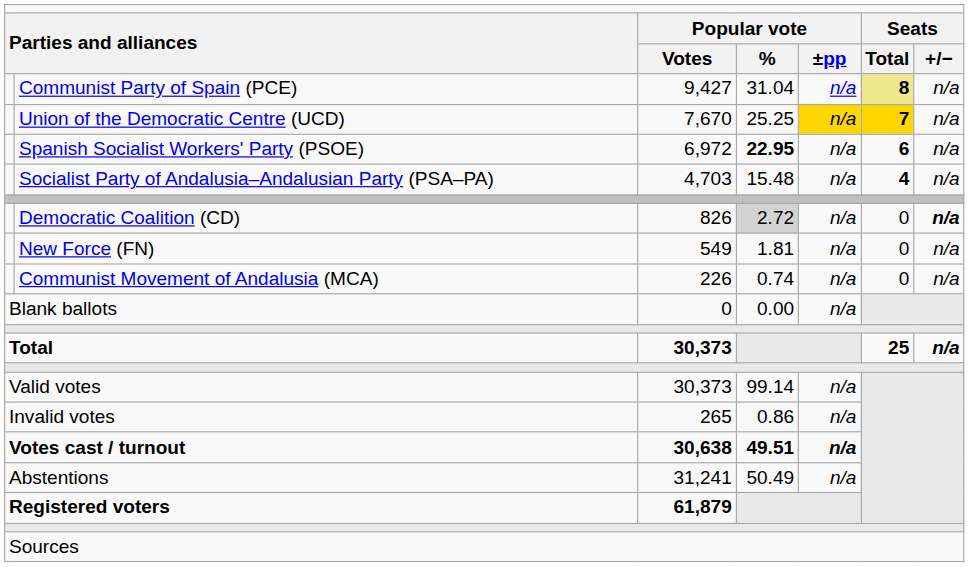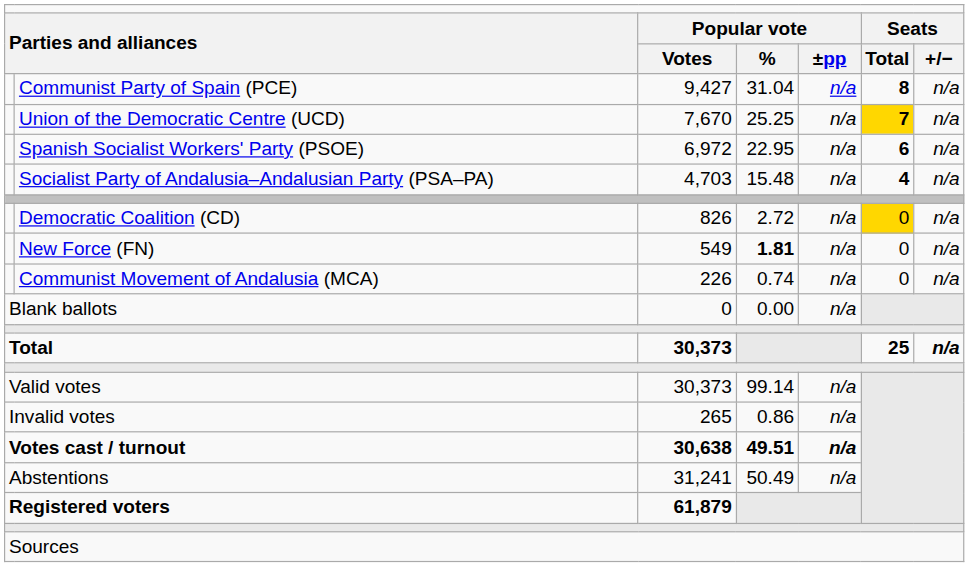 <table class="wikitable" style="text-align:right;">
 <tr>
 <td colspan="7"></td>
 </tr>
 <tr>
 <th style="text-align:left;" rowspan="2" colspan="2" width="525">Parties and alliances</th>
 <th colspan="3">Popular vote</th>
 <th colspan="2">Seats</th>
 </tr>
 <tr>
 <th width="75">Votes</th>
 <th width="45">%</th>
 <th width="45">±<a href='#'>pp</a></th>
 <th width="35">Total</th>
 <th width="35">+/−</th>
 </tr>
 <tr>
 <td width="1" style="color:inherit;background:"></td>
 <td align="left"><a href='#'>Communist Party of Spain</a> (PCE)</td>
 <td>9,427</td>
 <td>31.04</td>
 <td><em><a href='#'>n/a</a></em></td>
-<td style="background: khaki;"><strong>8</strong></td>
+<td><strong>8</strong></td>
 <td><em>n/a</em></td>
 </tr>
 <tr>
 <td style="color:inherit;background:"></td>
 <td align="left"><a href='#'>Union of the Democratic Centre</a> (UCD)</td>
 <td>7,670</td>
 <td>25.25</td>
-<td style="background: gold;"><em>n/a</em></td>
+<td><em>n/a</em></td>
 <td style="background: gold;"><strong>7</strong></td>
 <td><em>n/a</em></td>
 </tr>
 <tr>
 <td style="color:inherit;background:"></td>
 <td align="left"><a href='#'>Spanish Socialist Workers' Party</a> (PSOE)</td>
 <td>6,972</td>
-<td><strong>22.95</strong></td>
+<td>22.95</td>
 <td><em>n/a</em></td>
 <td><strong>6</strong></td>
 <td><em>n/a</em></td>
 </tr>
 <tr>
 <td style="color:inherit;background:"></td>
 <td align="left"><a href='#'>Socialist Party of Andalusia–Andalusian Party</a> (PSA–PA)</td>
 <td>4,703</td>
 <td>15.48</td>
 <td><em>n/a</em></td>
 <td><strong>4</strong></td>
 <td><em>n/a</em></td>
 </tr>
 <tr>
 <td colspan="7" bgcolor="#C0C0C0"></td>
 </tr>
 <tr>
 <td style="color:inherit;background:"></td>
 <td align="left"><a href='#'>Democratic Coalition</a> (CD)</td>
 <td>826</td>
-<td style="background: lightgrey;">2.72</td>
+<td>2.72</td>
 <td><em>n/a</em></td>
-<td>0</td>
-<td><strong><em>n/a</em></strong></td>
+<td style="background: gold;">0</td>
+<td><em>n/a</em></td>
 </tr>
 <tr>
 <td style="color:inherit;background:"></td>
 <td align="left"><a href='#'>New Force</a> (FN)</td>
 <td>549</td>
-<td>1.81</td>
+<td><strong>1.81</strong></td>
 <td><em>n/a</em></td>
 <td>0</td>
 <td><em>n/a</em></td>
 </tr>
 <tr>
 <td style="color:inherit;background:"></td>
 <td align="left"><a href='#'>Communist Movement of Andalusia</a> (MCA)</td>
 <td>226</td>
 <td>0.74</td>
 <td><em>n/a</em></td>
 <td>0</td>
 <td><em>n/a</em></td>
 </tr>
 <tr>
 <td align="left" colspan="2">Blank ballots</td>
 <td>0</td>
 <td>0.00</td>
 <td><em>n/a</em></td>
 <td bgcolor="#E9E9E9" colspan="2"></td>
 </tr>
 <tr>
 <td colspan="7" bgcolor="#E9E9E9"></td>
 </tr>
 <tr style="font-weight:bold;">
 <td align="left" colspan="2">Total</td>
 <td>30,373</td>
 <td bgcolor="#E9E9E9" colspan="2"></td>
 <td>25</td>
 <td><em>n/a</em></td>
 </tr>
 <tr>
 <td colspan="7" bgcolor="#E9E9E9"></td>
 </tr>
 <tr>
 <td align="left" colspan="2">Valid votes</td>
 <td>30,373</td>
 <td>99.14</td>
 <td><em>n/a</em></td>
 <td bgcolor="#E9E9E9" colspan="2" rowspan="5"></td>
 </tr>
 <tr>
 <td align="left" colspan="2">Invalid votes</td>
 <td>265</td>
 <td>0.86</td>
 <td><em>n/a</em></td>
 </tr>
 <tr style="font-weight:bold;">
 <td align="left" colspan="2">Votes cast / turnout</td>
 <td>30,638</td>
 <td>49.51</td>
 <td><em>n/a</em></td>
 </tr>
 <tr>
 <td align="left" colspan="2">Abstentions</td>
 <td>31,241</td>
 <td>50.49</td>
 <td><em>n/a</em></td>
 </tr>
 <tr style="font-weight:bold;">
 <td align="left" colspan="2">Registered voters</td>
 <td>61,879</td>
 <td bgcolor="#E9E9E9" colspan="2"></td>
 </tr>
 <tr>
 <td colspan="7" bgcolor="#E9E9E9"></td>
 </tr>
 <tr>
 <td align="left" colspan="7">Sources</td>
 </tr>
 </table>
